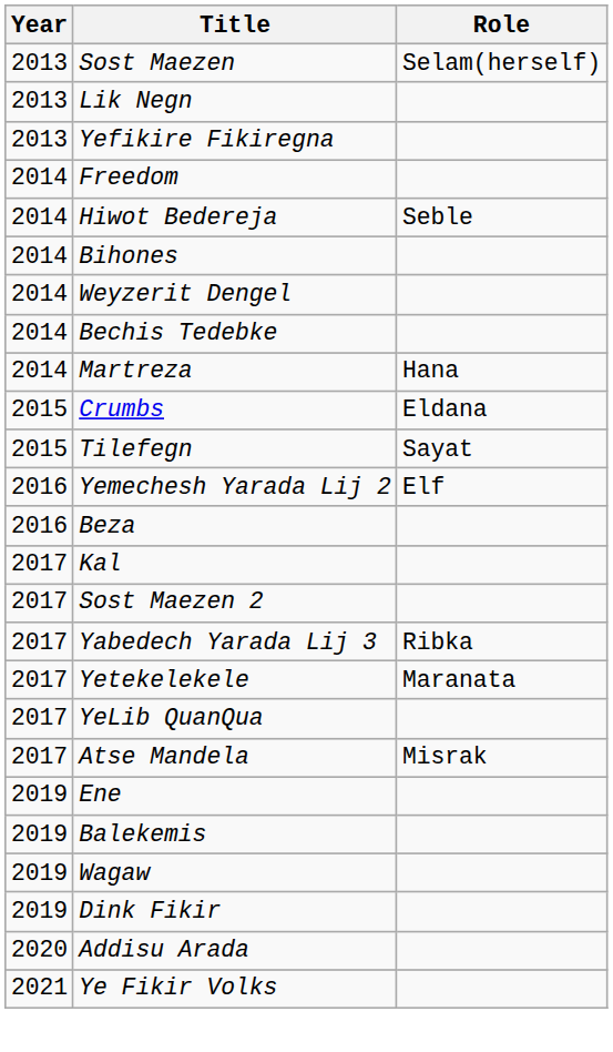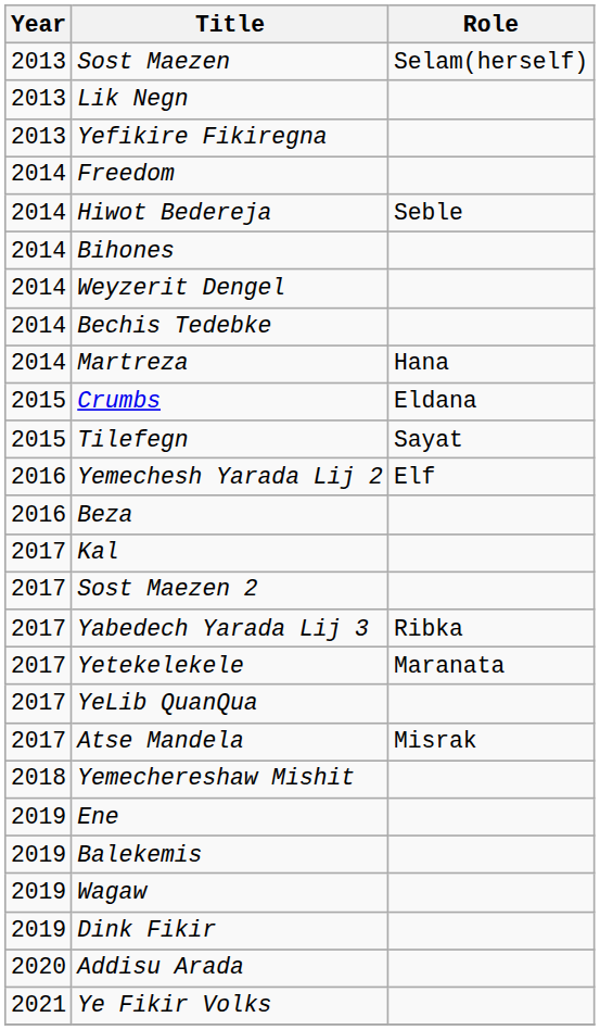 <table class="wikitable">
 <tr>
 <th>Year</th>
 <th>Title</th>
 <th>Role</th>
 </tr>
 <tr>
 <td>2013</td>
 <td><em>Sost Maezen</em></td>
 <td>Selam(herself)</td>
 </tr>
 <tr>
 <td>2013</td>
 <td><em>Lik Negn</em></td>
 <td></td>
 </tr>
 <tr>
 <td>2013</td>
 <td><em>Yefikire Fikiregna</em></td>
 <td></td>
 </tr>
 <tr>
 <td>2014</td>
 <td><em>Freedom</em></td>
 <td></td>
 </tr>
 <tr>
 <td>2014</td>
 <td><em>Hiwot Bedereja</em></td>
 <td>Seble</td>
 </tr>
 <tr>
 <td>2014</td>
 <td><em>Bihones</em></td>
 <td></td>
 </tr>
 <tr>
 <td>2014</td>
 <td><em>Weyzerit Dengel</em></td>
 <td></td>
 </tr>
 <tr>
 <td>2014</td>
 <td><em>Bechis Tedebke</em></td>
 <td></td>
 </tr>
 <tr>
 <td>2014</td>
 <td><em>Martreza</em></td>
 <td>Hana</td>
 </tr>
 <tr>
 <td>2015</td>
 <td><em><a href='#'>Crumbs</a></em></td>
 <td>Eldana</td>
 </tr>
 <tr>
 <td>2015</td>
 <td><em>Tilefegn</em></td>
 <td>Sayat</td>
 </tr>
 <tr>
 <td>2016</td>
 <td><em>Yemechesh Yarada Lij 2</em></td>
 <td>Elf</td>
 </tr>
 <tr>
 <td>2016</td>
 <td><em>Beza</em></td>
 <td></td>
 </tr>
 <tr>
 <td>2017</td>
 <td><em>Kal</em></td>
 <td></td>
 </tr>
 <tr>
 <td>2017</td>
 <td><em>Sost Maezen 2</em></td>
 <td></td>
 </tr>
 <tr>
 <td>2017</td>
 <td><em>Yabedech Yarada Lij 3</em></td>
 <td>Ribka</td>
 </tr>
 <tr>
 <td>2017</td>
 <td><em>Yetekelekele</em></td>
 <td>Maranata</td>
 </tr>
 <tr>
 <td>2017</td>
 <td><em>YeLib QuanQua</em></td>
 <td></td>
 </tr>
 <tr>
 <td>2017</td>
 <td><em>Atse Mandela</em></td>
 <td>Misrak</td>
 </tr>
 <tr>
+<td>2018</td>
+<td><em>Yemechereshaw Mishit</em></td>
+<td></td>
+</tr>
+<tr>
 <td>2019</td>
 <td><em>Ene</em></td>
 <td></td>
 </tr>
 <tr>
 <td>2019</td>
 <td><em>Balekemis</em></td>
 <td></td>
 </tr>
 <tr>
 <td>2019</td>
 <td><em>Wagaw</em></td>
 <td></td>
 </tr>
 <tr>
 <td>2019</td>
 <td><em>Dink Fikir</em></td>
 <td></td>
 </tr>
 <tr>
 <td>2020</td>
 <td><em>Addisu Arada</em></td>
 <td></td>
 </tr>
 <tr>
 <td>2021</td>
 <td><em>Ye Fikir Volks</em></td>
 <td></td>
 </tr>
 <tr>
 </tr>
 </table>
